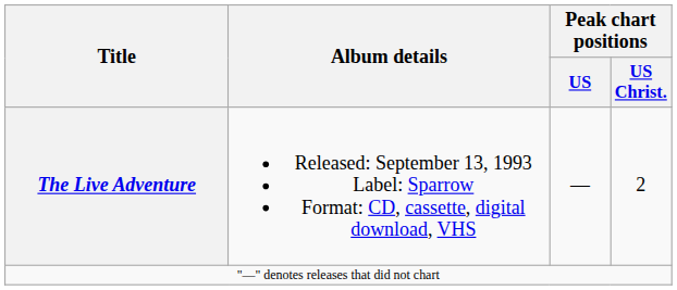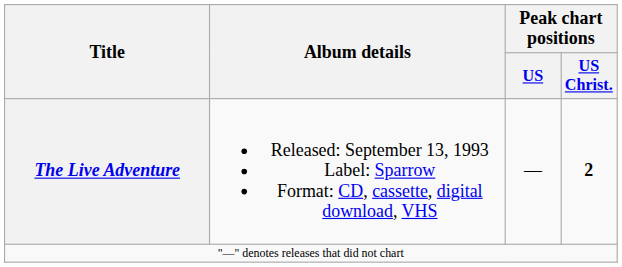 <table class="wikitable plainrowheaders" style="text-align:center;">
 <tr>
 <th scope="col" rowspan="2" style="width:11em;">Title</th>
 <th scope="col" rowspan="2" style="width:16em;">Album details</th>
 <th scope="col" colspan="3">Peak chart positions</th>
 </tr>
 <tr>
 <th style="width:3em; font-size:90%"><a href='#'>US</a><br></th>
 <th style="width:3em; font-size:90%"><a href='#'>US<br>Christ.</a><br></th>
 </tr>
 <tr>
 <th scope="row"><em><a href='#'>The Live Adventure</a></em></th>
 <td><br><ul><li>Released: September 13, 1993</li><li>Label: <a href='#'>Sparrow</a></li><li>Format: <a href='#'>CD</a>, <a href='#'>cassette</a>, <a href='#'>digital download</a>, <a href='#'>VHS</a></li></ul></td>
 <td>—</td>
-<td>2</td>
+<td><strong>2</strong></td>
 </tr>
 <tr>
 <td colspan="10" style="font-size:8pt">"—" denotes releases that did not chart</td>
 </tr>
 </table>
